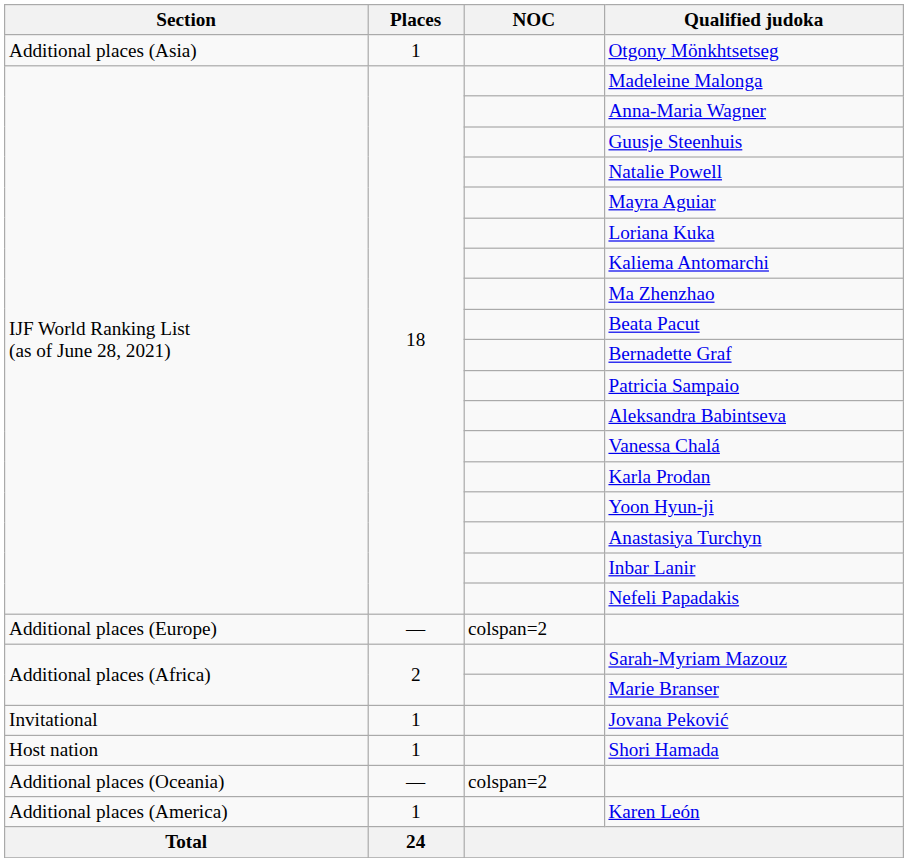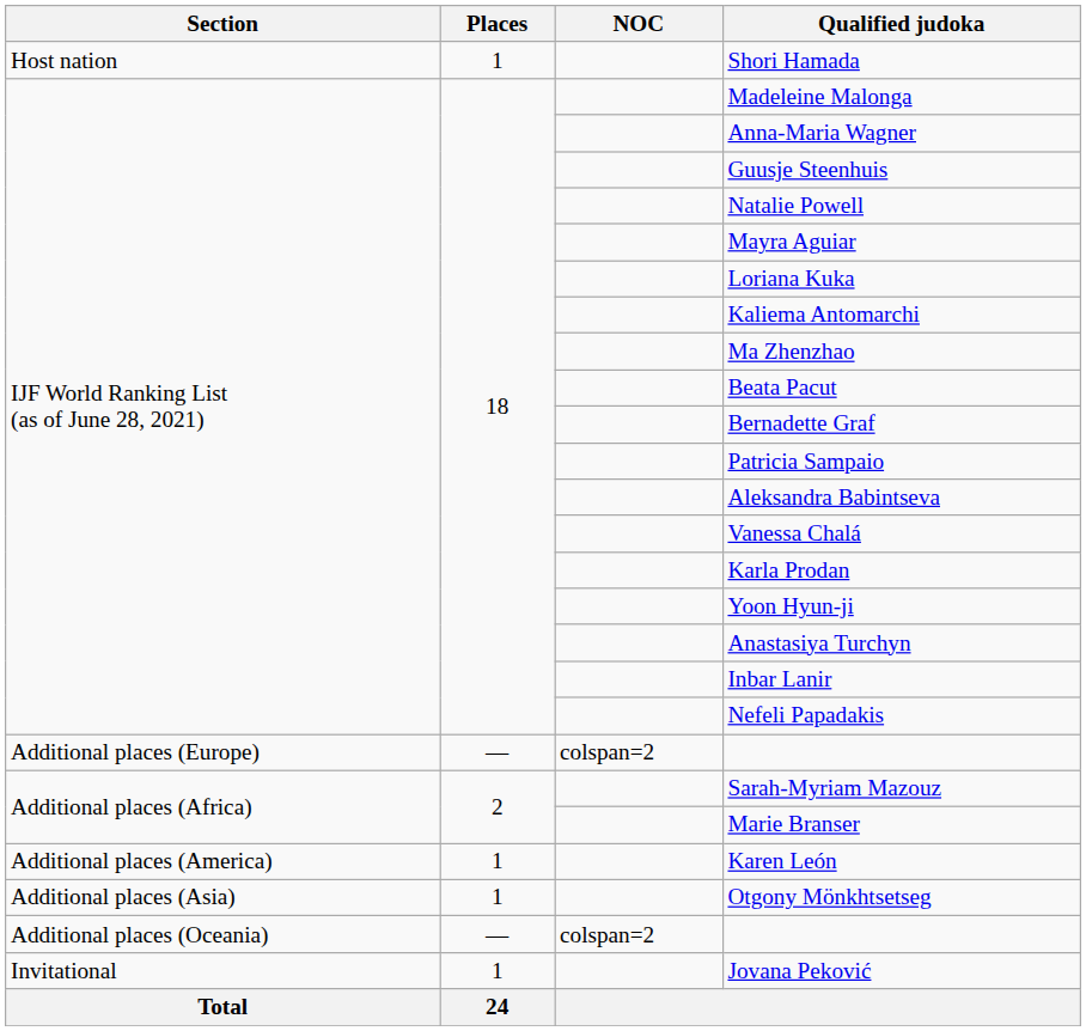 <table class="wikitable"  width=750>
 <tr>
 <th>Section</th>
 <th>Places</th>
 <th>NOC</th>
 <th>Qualified judoka</th>
 </tr>
 <tr>
-<td>Additional places (Asia)</td>
+<td>Host nation</td>
 <td align=center>1</td>
 <td></td>
-<td><a href='#'>Otgony Mönkhtsetseg</a></td>
+<td><a href='#'>Shori Hamada</a></td>
 </tr>
 <tr>
 <td rowspan=18>IJF World Ranking List<br>(as of June 28, 2021)</td>
 <td rowspan=18 align=center>18</td>
 <td></td>
 <td><a href='#'>Madeleine Malonga</a></td>
 </tr>
 <tr>
 <td></td>
 <td><a href='#'>Anna-Maria Wagner</a></td>
 </tr>
 <tr>
 <td></td>
 <td><a href='#'>Guusje Steenhuis</a></td>
 </tr>
 <tr>
 <td></td>
 <td><a href='#'>Natalie Powell</a></td>
 </tr>
 <tr>
 <td></td>
 <td><a href='#'>Mayra Aguiar</a></td>
 </tr>
 <tr>
 <td></td>
 <td><a href='#'>Loriana Kuka</a></td>
 </tr>
 <tr>
 <td></td>
 <td><a href='#'>Kaliema Antomarchi</a></td>
 </tr>
 <tr>
 <td></td>
 <td><a href='#'>Ma Zhenzhao</a></td>
 </tr>
 <tr>
 <td></td>
 <td><a href='#'>Beata Pacut</a></td>
 </tr>
 <tr>
 <td></td>
 <td><a href='#'>Bernadette Graf</a></td>
 </tr>
 <tr>
 <td></td>
 <td><a href='#'>Patricia Sampaio</a></td>
 </tr>
 <tr>
 <td></td>
 <td><a href='#'>Aleksandra Babintseva</a></td>
 </tr>
 <tr>
 <td></td>
 <td><a href='#'>Vanessa Chalá</a></td>
 </tr>
 <tr>
 <td></td>
 <td><a href='#'>Karla Prodan</a></td>
 </tr>
 <tr>
 <td></td>
 <td><a href='#'>Yoon Hyun-ji</a></td>
 </tr>
 <tr>
 <td></td>
 <td><a href='#'>Anastasiya Turchyn</a></td>
 </tr>
 <tr>
 <td></td>
 <td><a href='#'>Inbar Lanir</a></td>
 </tr>
 <tr>
 <td></td>
 <td><a href='#'>Nefeli Papadakis</a></td>
 </tr>
 <tr>
 <td>Additional places (Europe)</td>
 <td align=center>—</td>
 <td>colspan=2 </td>
 </tr>
 <tr>
 <td rowspan=2>Additional places (Africa)</td>
 <td rowspan=2 align=center>2</td>
 <td></td>
 <td><a href='#'>Sarah-Myriam Mazouz</a></td>
 </tr>
 <tr>
 <td></td>
 <td><a href='#'>Marie Branser</a></td>
 </tr>
 <tr>
-<td rowspan=1>Invitational</td>
-<td rowspan=1 align=center>1</td>
+<td>Additional places (America)</td>
+<td align=center>1</td>
 <td></td>
-<td><a href='#'>Jovana Peković</a></td>
+<td><a href='#'>Karen León</a></td>
 </tr>
 <tr>
-<td>Host nation</td>
+<td>Additional places (Asia)</td>
 <td align=center>1</td>
 <td></td>
-<td><a href='#'>Shori Hamada</a></td>
+<td><a href='#'>Otgony Mönkhtsetseg</a></td>
 </tr>
 <tr>
 <td>Additional places (Oceania)</td>
 <td align=center>—</td>
 <td>colspan=2 </td>
 </tr>
 <tr>
-<td>Additional places (America)</td>
-<td align=center>1</td>
+<td rowspan=1>Invitational</td>
+<td rowspan=1 align=center>1</td>
 <td></td>
-<td><a href='#'>Karen León</a></td>
+<td><a href='#'>Jovana Peković</a></td>
 </tr>
 <tr>
 <th>Total</th>
 <th>24</th>
 <th colspan=2></th>
 </tr>
 </table>
